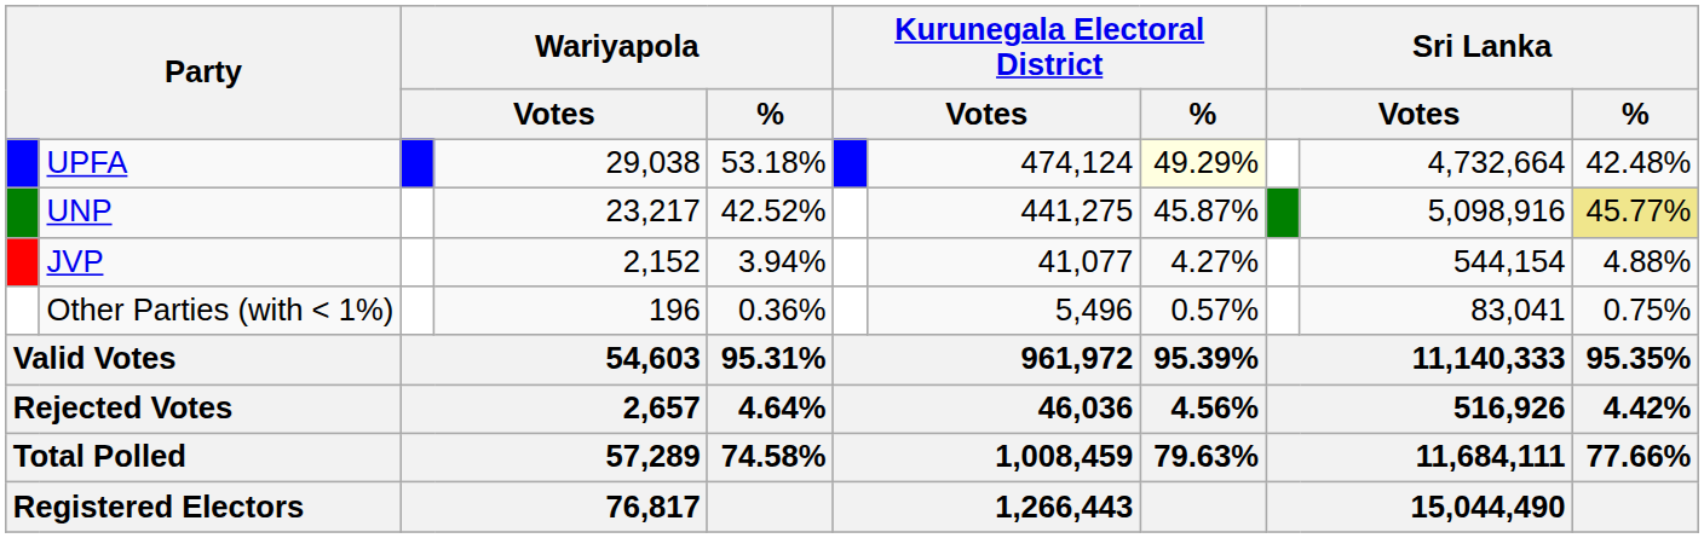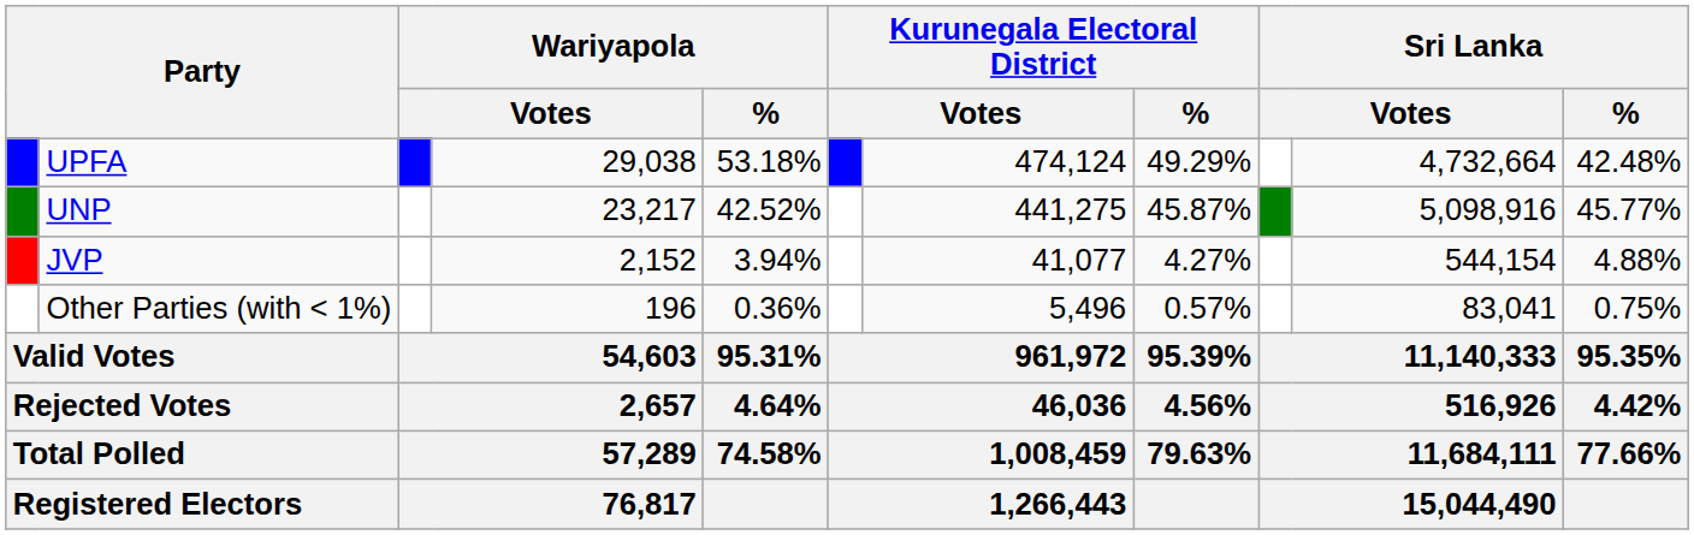 <table class="wikitable">
 <tr>
 <th colspan="2" width="144px"rowspan="2">Party</th>
 <th colspan="3" width="216px">Wariyapola</th>
 <th colspan="3" width="216px"><a href='#'>Kurunegala Electoral District</a></th>
 <th colspan="3" width="216px">Sri Lanka</th>
 </tr>
 <tr>
 <th colspan="2" width="144px">Votes</th>
 <th>%</th>
 <th colspan="2" width="144px">Votes</th>
 <th>%</th>
 <th colspan="2" width="144px">Votes</th>
 <th>%</th>
 </tr>
 <tr>
 <td style="background-color:blue;" width="10px"></td>
 <td style="text-align:left;"><a href='#'>UPFA</a></td>
 <td style="background-color:blue;" width="10px"></td>
 <td style="text-align:right;">29,038</td>
 <td style="text-align:right;">53.18%</td>
 <td style="background-color:blue;" width="10px"></td>
 <td style="text-align:right;">474,124</td>
-<td style="background: lightyellow; text-align:right;">49.29%</td>
+<td style="text-align:right;">49.29%</td>
 <td style="background-color:white;" width="10px"></td>
 <td style="text-align:right;">4,732,664</td>
 <td style="text-align:right;">42.48%</td>
 </tr>
 <tr>
 <td style="background-color:green;" width="10px"></td>
 <td style="text-align:left;"><a href='#'>UNP</a></td>
 <td style="background-color:white;" width="10px"></td>
 <td style="text-align:right;">23,217</td>
 <td style="text-align:right;">42.52%</td>
 <td style="background-color:white;" width="10px"></td>
 <td style="text-align:right;">441,275</td>
 <td style="text-align:right;">45.87%</td>
 <td style="background-color:green;" width="10px"></td>
 <td style="text-align:right;">5,098,916</td>
-<td style="background: khaki; text-align:right;">45.77%</td>
+<td style="text-align:right;">45.77%</td>
 </tr>
 <tr>
 <td style="background-color:red;" width="10px"></td>
 <td style="text-align:left;"><a href='#'>JVP</a></td>
 <td style="background-color:white;" width="10px"></td>
 <td style="text-align:right;">2,152</td>
 <td style="text-align:right;">3.94%</td>
 <td style="background-color:white;" width="10px"></td>
 <td style="text-align:right;">41,077</td>
 <td style="text-align:right;">4.27%</td>
 <td style="background-color:white;" width="10px"></td>
 <td style="text-align:right;">544,154</td>
 <td style="text-align:right;">4.88%</td>
 </tr>
 <tr>
 <td style="background-color:white;" width="10px"></td>
 <td style="text-align:left;">Other Parties (with < 1%)</td>
 <td style="background-color:white;" width="10px"></td>
 <td style="text-align:right;">196</td>
 <td style="text-align:right;">0.36%</td>
 <td style="background-color:white;" width="10px"></td>
 <td style="text-align:right;">5,496</td>
 <td style="text-align:right;">0.57%</td>
 <td style="background-color:white;" width="10px"></td>
 <td style="text-align:right;">83,041</td>
 <td style="text-align:right;">0.75%</td>
 </tr>
 <tr>
 <th colspan="2" width="144px"style="text-align:left;">Valid Votes</th>
 <th style="text-align:right;"colspan="2" width="144px">54,603</th>
 <th style="text-align:right;">95.31%</th>
 <th style="text-align:right;"colspan="2" width="144px">961,972</th>
 <th style="text-align:right;">95.39%</th>
 <th style="text-align:right;"colspan="2" width="144px">11,140,333</th>
 <th style="text-align:right;">95.35%</th>
 </tr>
 <tr>
 <th colspan="2" width="144px"style="text-align:left;">Rejected Votes</th>
 <th style="text-align:right;"colspan="2" width="144px">2,657</th>
 <th style="text-align:right;">4.64%</th>
 <th style="text-align:right;"colspan="2" width="144px">46,036</th>
 <th style="text-align:right;">4.56%</th>
 <th style="text-align:right;"colspan="2" width="144px">516,926</th>
 <th style="text-align:right;">4.42%</th>
 </tr>
 <tr>
 <th colspan="2" width="144px"style="text-align:left;">Total Polled</th>
 <th style="text-align:right;"colspan="2" width="144px">57,289</th>
 <th style="text-align:right;">74.58%</th>
 <th style="text-align:right;"colspan="2" width="144px">1,008,459</th>
 <th style="text-align:right;">79.63%</th>
 <th style="text-align:right;"colspan="2" width="144px">11,684,111</th>
 <th style="text-align:right;">77.66%</th>
 </tr>
 <tr>
 <th colspan="2" width="144px"style="text-align:left;">Registered Electors</th>
 <th style="text-align:right;"colspan="2" width="144px">76,817</th>
 <th></th>
 <th style="text-align:right;"colspan="2" width="144px">1,266,443</th>
 <th></th>
 <th style="text-align:right;"colspan="2" width="144px">15,044,490</th>
 <th></th>
 </tr>
 </table>
